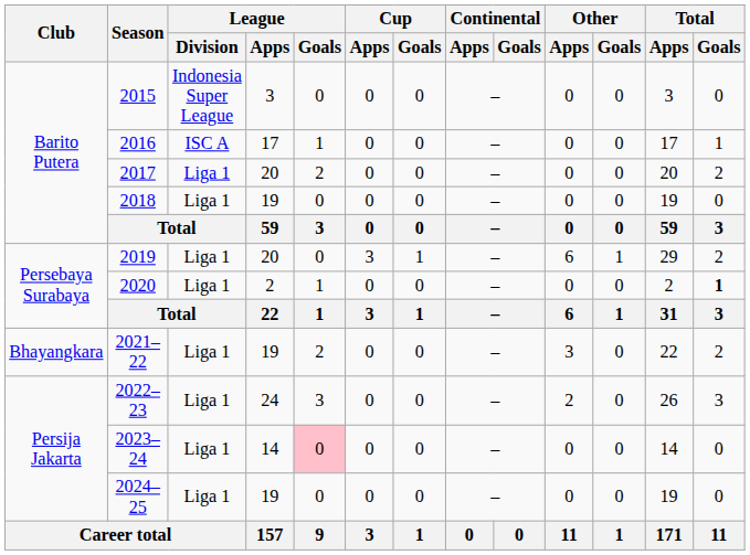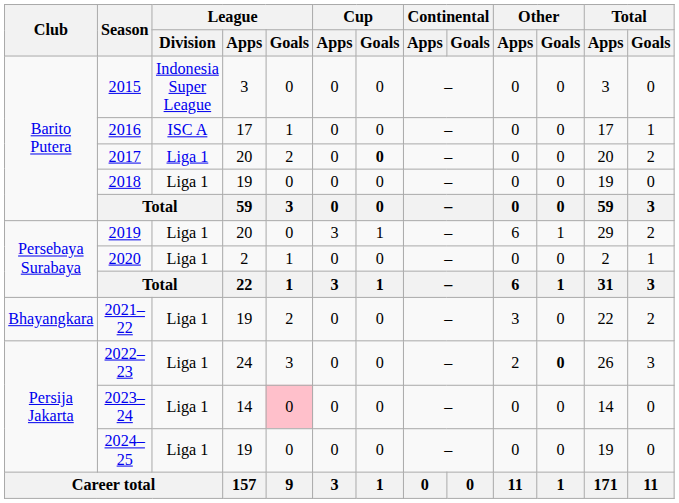 <table class="wikitable" style="text-align: center">
 <tr>
 <th rowspan="2">Club</th>
 <th rowspan="2">Season</th>
 <th colspan="3">League</th>
 <th colspan="2">Cup</th>
 <th colspan="2">Continental</th>
 <th colspan="2">Other</th>
 <th colspan="2">Total</th>
 </tr>
 <tr>
 <th>Division</th>
 <th>Apps</th>
 <th>Goals</th>
 <th>Apps</th>
 <th>Goals</th>
 <th>Apps</th>
 <th>Goals</th>
 <th>Apps</th>
 <th>Goals</th>
 <th>Apps</th>
 <th>Goals</th>
 </tr>
 <tr>
 <td rowspan="5"><a href='#'>Barito Putera</a></td>
 <td><a href='#'>2015</a></td>
 <td><a href='#'>Indonesia Super League</a></td>
 <td>3</td>
 <td>0</td>
 <td>0</td>
 <td>0</td>
 <td colspan="2">–</td>
 <td>0</td>
 <td>0</td>
 <td>3</td>
 <td>0</td>
 </tr>
 <tr>
 <td><a href='#'>2016</a></td>
 <td><a href='#'>ISC A</a></td>
 <td>17</td>
 <td>1</td>
 <td>0</td>
 <td>0</td>
 <td colspan="2">–</td>
 <td>0</td>
 <td>0</td>
 <td>17</td>
 <td>1</td>
 </tr>
 <tr>
 <td><a href='#'>2017</a></td>
 <td rowspan="1"><a href='#'>Liga 1</a></td>
 <td>20</td>
 <td>2</td>
 <td>0</td>
-<td>0</td>
+<td><strong>0</strong></td>
 <td colspan="2">–</td>
 <td>0</td>
 <td>0</td>
 <td>20</td>
 <td>2</td>
 </tr>
 <tr>
 <td><a href='#'>2018</a></td>
 <td rowspan="1">Liga 1</td>
 <td>19</td>
 <td>0</td>
 <td>0</td>
 <td>0</td>
 <td colspan="2">–</td>
 <td>0</td>
 <td>0</td>
 <td>19</td>
 <td>0</td>
 </tr>
 <tr>
 <th colspan="2">Total</th>
 <th>59</th>
 <th>3</th>
 <th>0</th>
 <th>0</th>
 <th colspan="2">–</th>
 <th>0</th>
 <th>0</th>
 <th>59</th>
 <th>3</th>
 </tr>
 <tr>
 <td rowspan="3"><a href='#'>Persebaya Surabaya</a></td>
 <td><a href='#'>2019</a></td>
 <td rowspan="1">Liga 1</td>
 <td>20</td>
 <td>0</td>
 <td>3</td>
 <td>1</td>
 <td colspan="2">–</td>
 <td>6</td>
 <td>1</td>
 <td>29</td>
 <td>2</td>
 </tr>
 <tr>
 <td><a href='#'>2020</a></td>
 <td rowspan="1">Liga 1</td>
 <td>2</td>
 <td>1</td>
 <td>0</td>
 <td>0</td>
 <td colspan="2">–</td>
 <td>0</td>
 <td>0</td>
 <td>2</td>
-<td><strong>1</strong></td>
+<td>1</td>
 </tr>
 <tr>
 <th colspan="2">Total</th>
 <th>22</th>
 <th>1</th>
 <th>3</th>
 <th>1</th>
 <th colspan="2">–</th>
 <th>6</th>
 <th>1</th>
 <th>31</th>
 <th>3</th>
 </tr>
 <tr>
 <td rowspan="1"><a href='#'>Bhayangkara</a></td>
 <td><a href='#'>2021–22</a></td>
 <td rowspan="1">Liga 1</td>
 <td>19</td>
 <td>2</td>
 <td>0</td>
 <td>0</td>
 <td colspan="2">–</td>
 <td>3</td>
 <td>0</td>
 <td>22</td>
 <td>2</td>
 </tr>
 <tr>
 <td rowspan="3"><a href='#'>Persija Jakarta</a></td>
 <td><a href='#'>2022–23</a></td>
 <td rowspan="1">Liga 1</td>
 <td>24</td>
 <td>3</td>
 <td>0</td>
 <td>0</td>
 <td colspan="2">–</td>
 <td>2</td>
-<td>0</td>
+<td><strong>0</strong></td>
 <td>26</td>
 <td>3</td>
 </tr>
 <tr>
 <td><a href='#'>2023–24</a></td>
 <td>Liga 1</td>
 <td>14</td>
 <td style="background: pink;">0</td>
 <td>0</td>
 <td>0</td>
 <td colspan="2">–</td>
 <td>0</td>
 <td>0</td>
 <td>14</td>
 <td>0</td>
 </tr>
 <tr>
 <td><a href='#'>2024–25</a></td>
 <td>Liga 1</td>
 <td>19</td>
 <td>0</td>
 <td>0</td>
 <td>0</td>
 <td colspan="2">–</td>
 <td>0</td>
 <td>0</td>
 <td>19</td>
 <td>0</td>
 </tr>
 <tr>
 <th colspan=3>Career total</th>
 <th>157</th>
 <th>9</th>
 <th>3</th>
 <th>1</th>
 <th>0</th>
 <th>0</th>
 <th>11</th>
 <th>1</th>
 <th>171</th>
 <th>11</th>
 </tr>
 </table>
